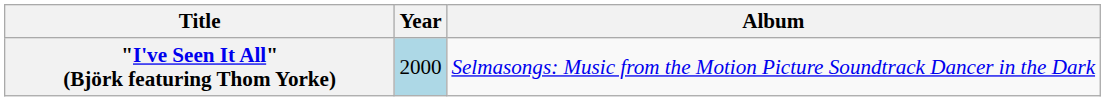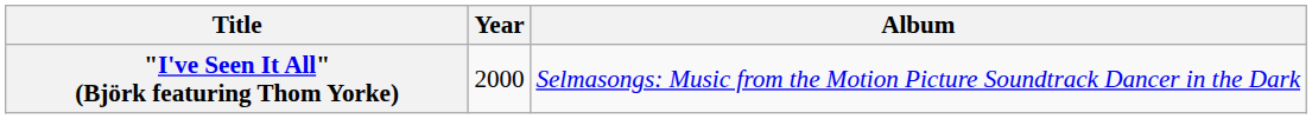 <table class="wikitable plainrowheaders" style="text-align:center;" border="1">
 <tr>
 <th scope="col" style="width:18em;">Title</th>
 <th scope="col">Year</th>
 <th scope="col">Album</th>
 </tr>
 <tr>
 <th scope="row">"<a href='#'>I've Seen It All</a>"<br><span>(Björk featuring Thom Yorke)</span></th>
-<td style="background: lightblue;">2000</td>
+<td>2000</td>
 <td><em><a href='#'>Selmasongs: Music from the Motion Picture Soundtrack Dancer in the Dark</a></em></td>
 </tr>
 </table>
